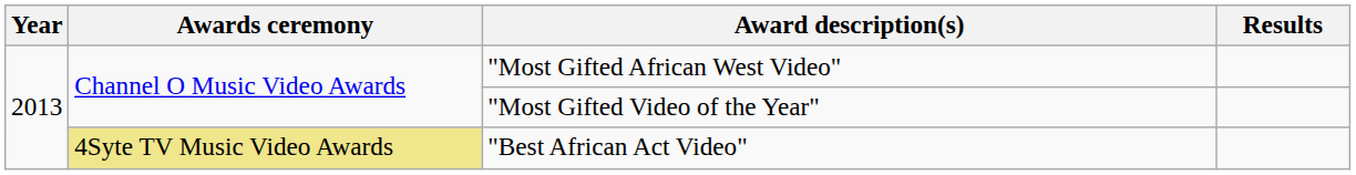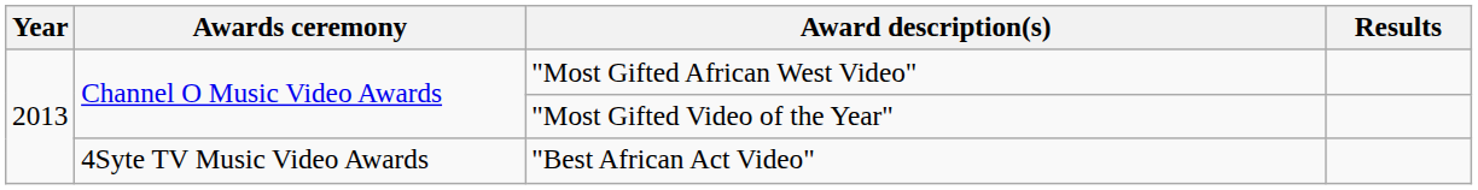 <table class="wikitable">
 <tr>
 <th>Year</th>
 <th width="250">Awards ceremony</th>
 <th width="450">Award description(s)</th>
 <th width="75">Results</th>
 </tr>
 <tr>
 <td rowspan="3">2013</td>
 <td rowspan="2"><a href='#'>Channel O Music Video Awards</a></td>
 <td>"Most Gifted African West Video"</td>
 <td></td>
 </tr>
 <tr>
 <td>"Most Gifted Video of the Year"</td>
 <td></td>
 </tr>
 <tr>
-<td style="background: khaki;">4Syte TV Music Video Awards</td>
+<td>4Syte TV Music Video Awards</td>
 <td>"Best African Act Video"</td>
 <td></td>
 </tr>
 </table>
